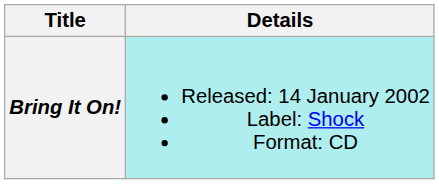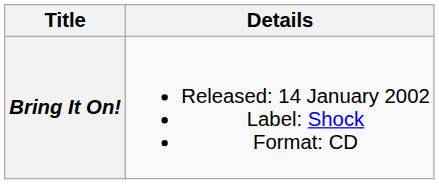 <table class="wikitable plainrowheaders" style="text-align:center">
 <tr>
 <th scope="col">Title</th>
 <th scope="col">Details</th>
 </tr>
 <tr>
 <th scope="row"><em>Bring It On!</em></th>
-<td style="background: paleturquoise;"><br><ul><li>Released: 14 January 2002</li><li>Label: <a href='#'>Shock</a></li><li>Format: CD</li></ul></td>
+<td><br><ul><li>Released: 14 January 2002</li><li>Label: <a href='#'>Shock</a></li><li>Format: CD</li></ul></td>
 </tr>
 </table>
